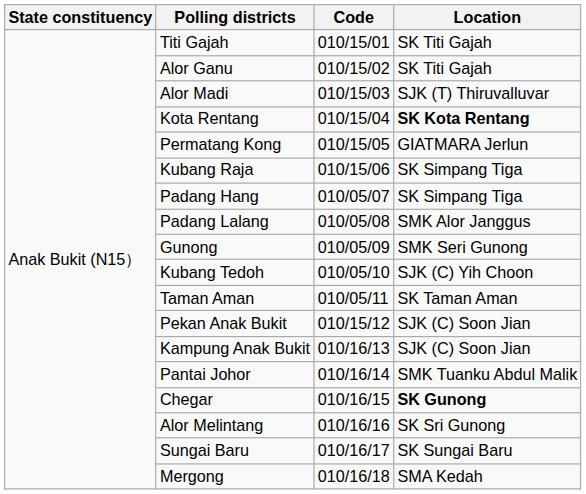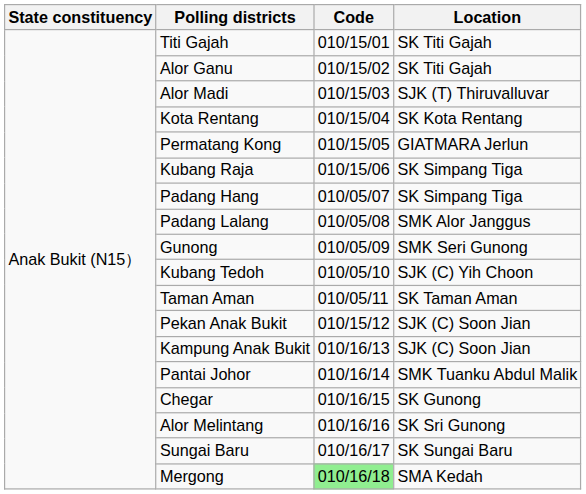 <table class="wikitable sortable mw-collapsible" style="white-space:nowrap;font-size:85%">
 <tr>
 <th>State constituency</th>
 <th>Polling districts</th>
 <th>Code</th>
 <th>Location</th>
 </tr>
 <tr>
 <td rowspan="18">Anak Bukit (N15）</td>
 <td>Titi Gajah</td>
 <td>010/15/01</td>
 <td>SK Titi Gajah</td>
 </tr>
 <tr>
 <td>Alor Ganu</td>
 <td>010/15/02</td>
 <td>SK Titi Gajah</td>
 </tr>
 <tr>
 <td>Alor Madi</td>
 <td>010/15/03</td>
 <td>SJK (T) Thiruvalluvar</td>
 </tr>
 <tr>
 <td>Kota Rentang</td>
 <td>010/15/04</td>
-<td><strong>SK Kota Rentang</strong></td>
+<td>SK Kota Rentang</td>
 </tr>
 <tr>
 <td>Permatang Kong</td>
 <td>010/15/05</td>
 <td>GIATMARA Jerlun</td>
 </tr>
 <tr>
 <td>Kubang Raja</td>
 <td>010/15/06</td>
 <td>SK Simpang Tiga</td>
 </tr>
 <tr>
 <td>Padang Hang</td>
 <td>010/05/07</td>
 <td>SK Simpang Tiga</td>
 </tr>
 <tr>
 <td>Padang Lalang</td>
 <td>010/05/08</td>
 <td>SMK Alor Janggus</td>
 </tr>
 <tr>
 <td>Gunong</td>
 <td>010/05/09</td>
 <td>SMK Seri Gunong</td>
 </tr>
 <tr>
 <td>Kubang Tedoh</td>
 <td>010/05/10</td>
 <td>SJK (C) Yih Choon</td>
 </tr>
 <tr>
 <td>Taman Aman</td>
 <td>010/05/11</td>
 <td>SK Taman Aman</td>
 </tr>
 <tr>
 <td>Pekan Anak Bukit</td>
 <td>010/15/12</td>
 <td>SJK (C) Soon Jian</td>
 </tr>
 <tr>
 <td>Kampung Anak Bukit</td>
 <td>010/16/13</td>
 <td>SJK (C) Soon Jian</td>
 </tr>
 <tr>
 <td>Pantai Johor</td>
 <td>010/16/14</td>
 <td>SMK Tuanku Abdul Malik</td>
 </tr>
 <tr>
 <td>Chegar</td>
 <td>010/16/15</td>
-<td><strong>SK Gunong</strong></td>
+<td>SK Gunong</td>
 </tr>
 <tr>
 <td>Alor Melintang</td>
 <td>010/16/16</td>
 <td>SK Sri Gunong</td>
 </tr>
 <tr>
 <td>Sungai Baru</td>
 <td>010/16/17</td>
 <td>SK Sungai Baru</td>
 </tr>
 <tr>
 <td>Mergong</td>
-<td>010/16/18</td>
+<td style="background: lightgreen;">010/16/18</td>
 <td>SMA Kedah</td>
 </tr>
 </table>
